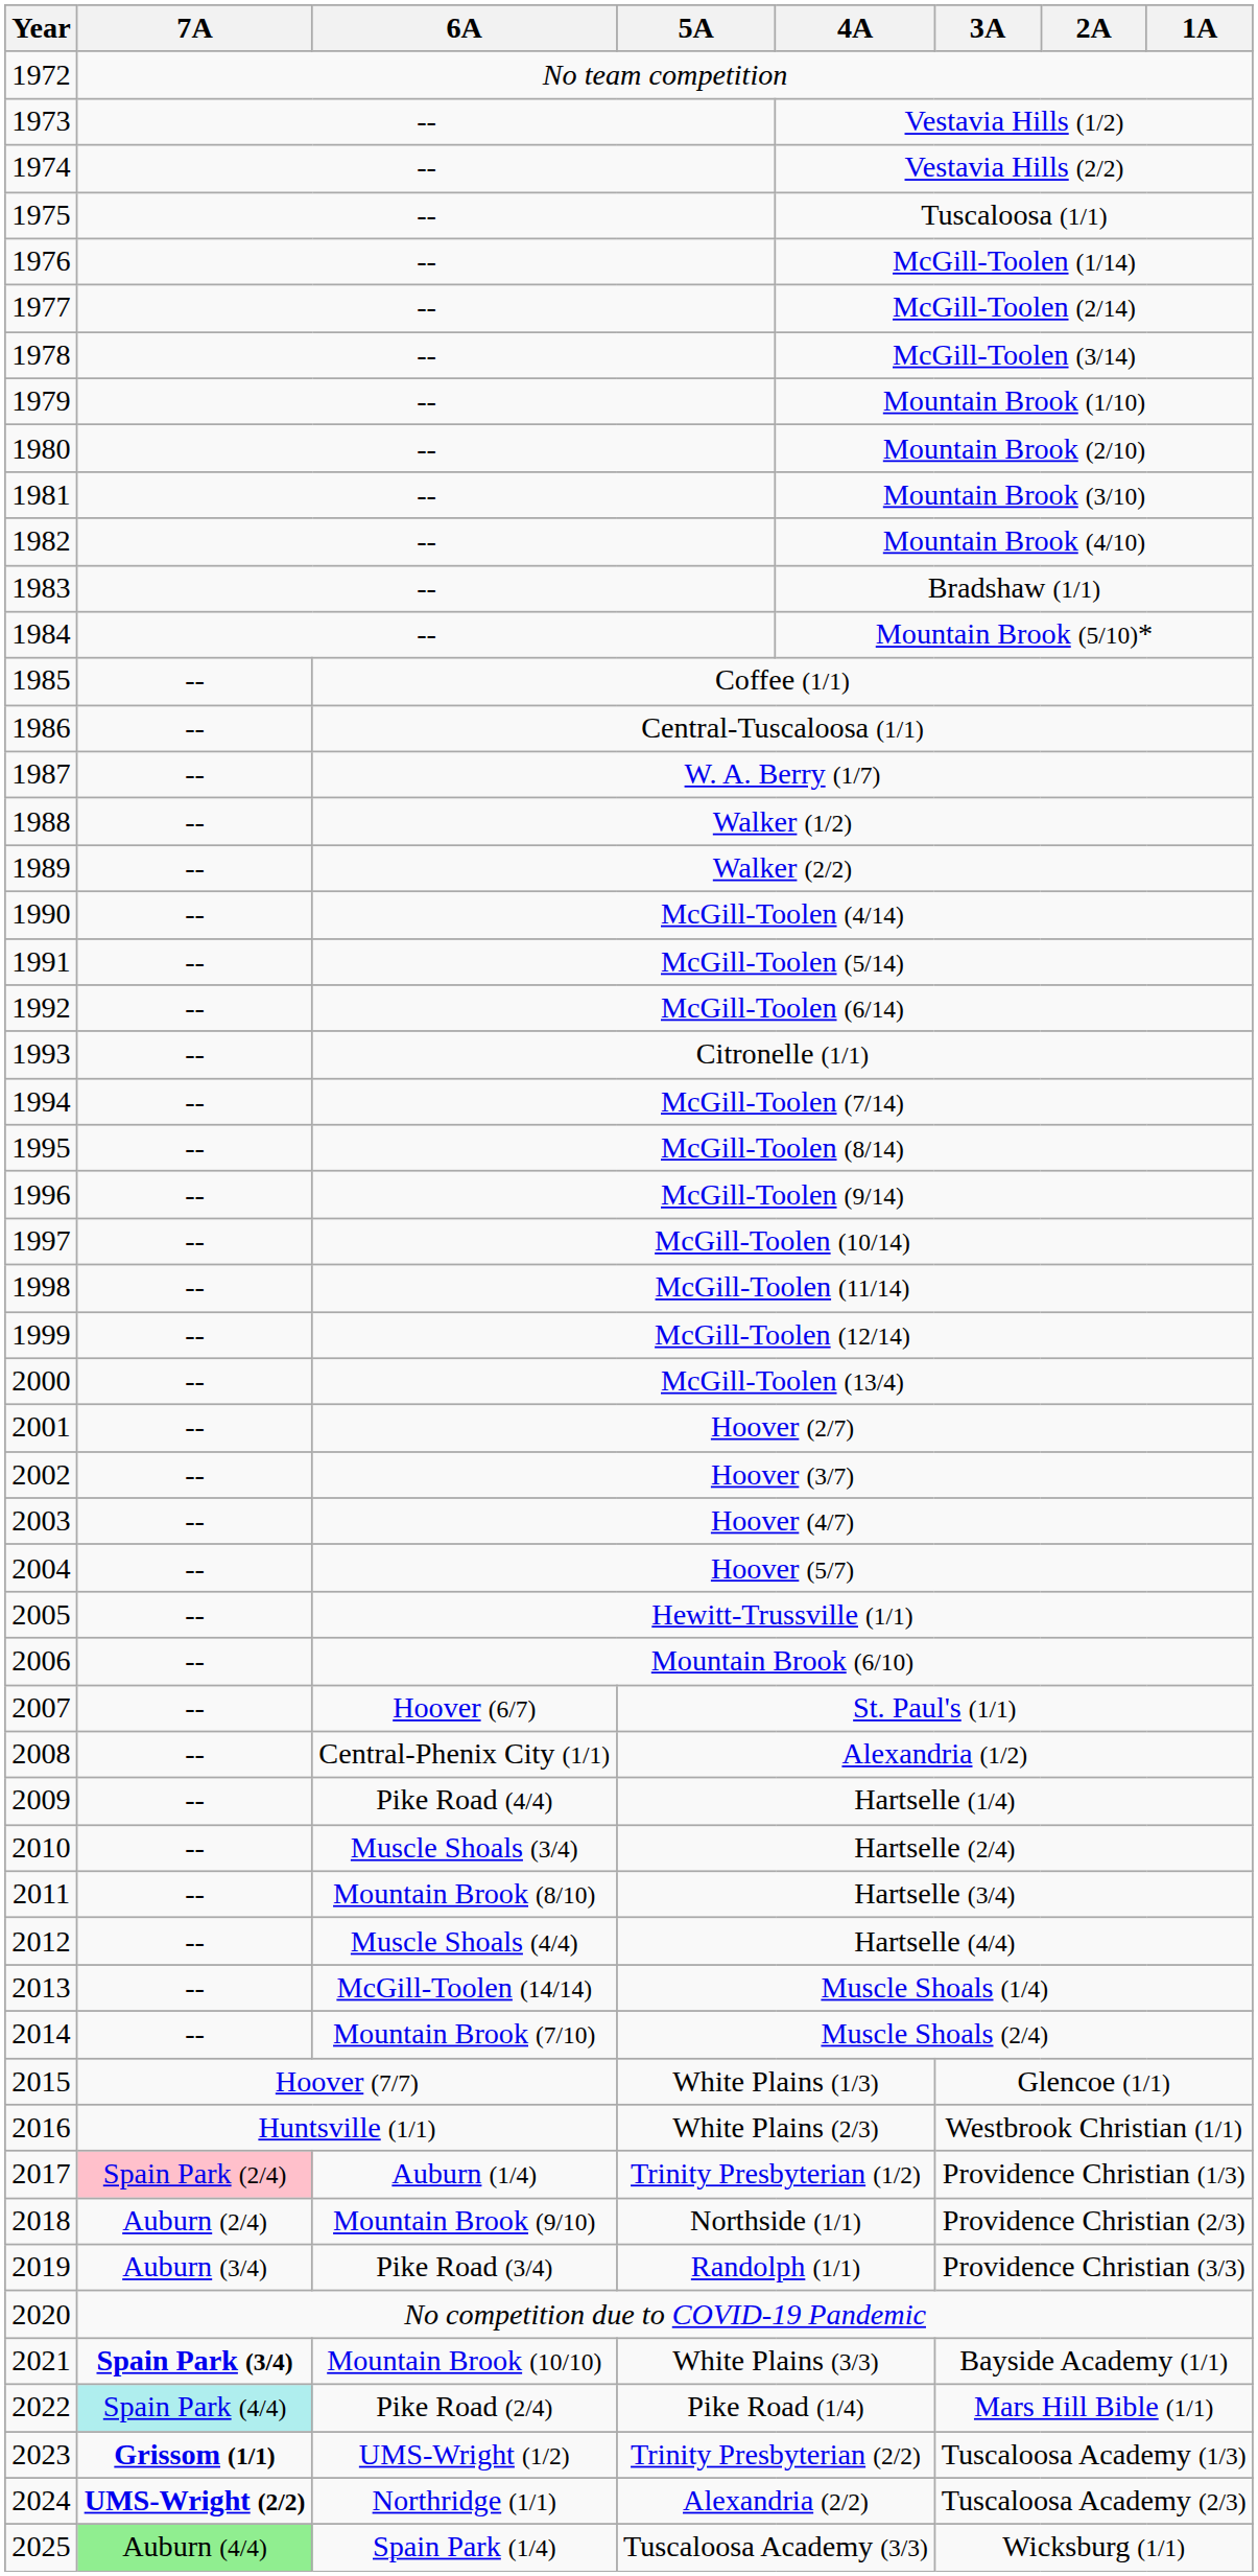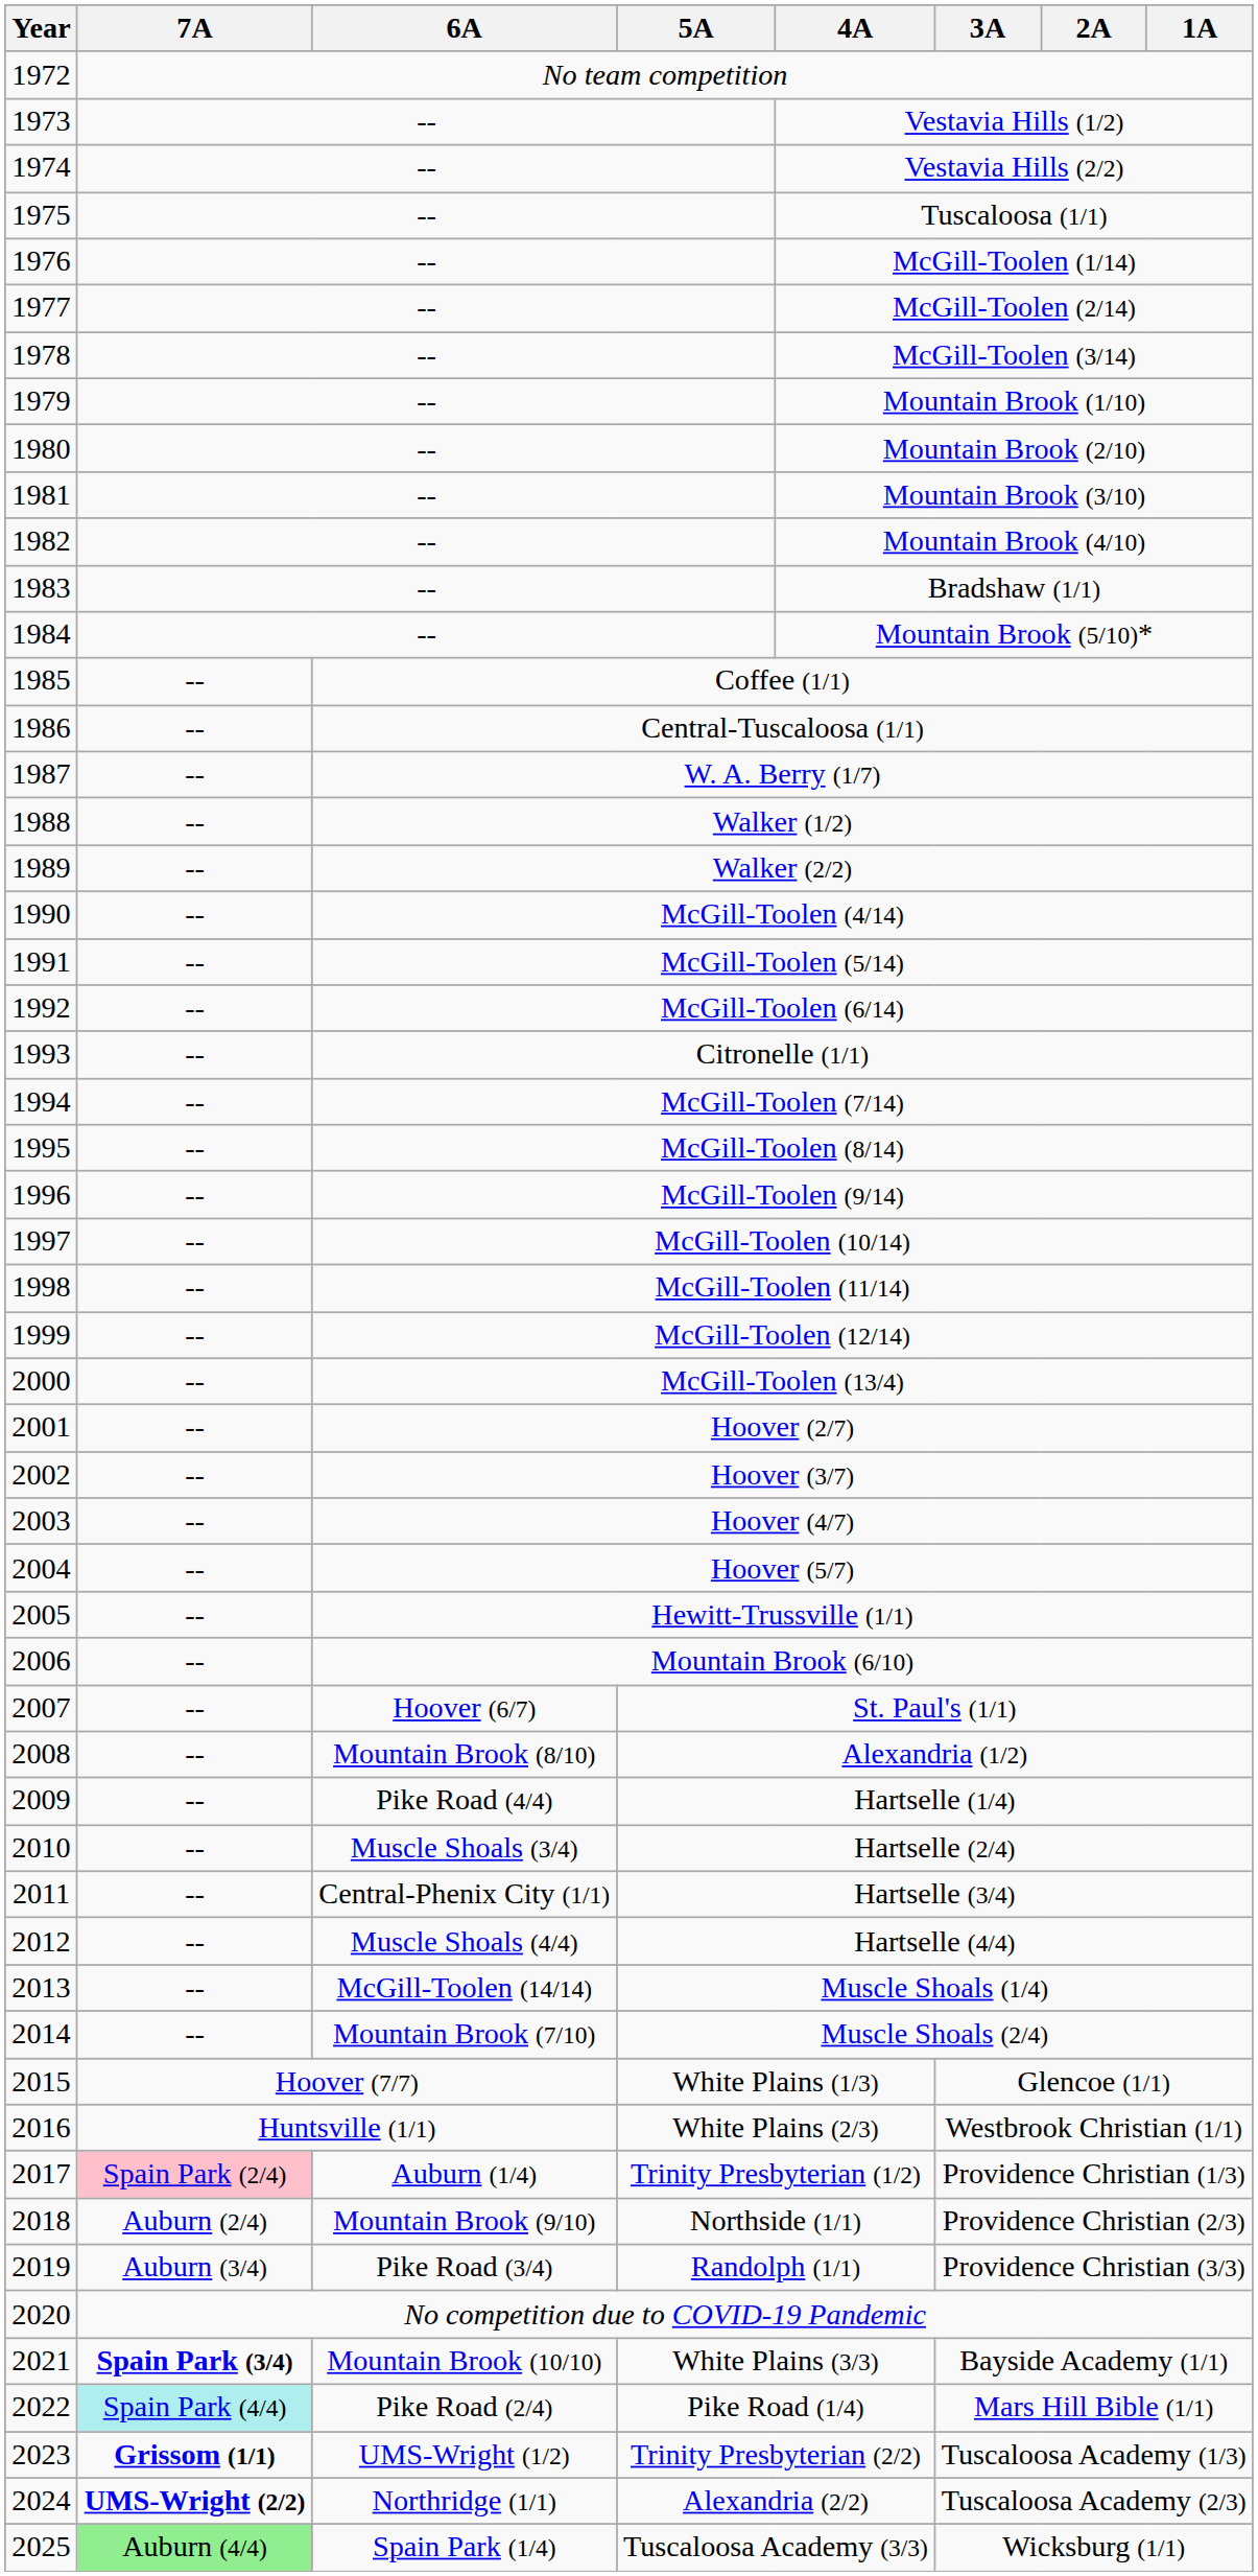 <table class="wikitable" style="text-align:center">
 <tr>
 <th>Year</th>
 <th>7A</th>
 <th>6A</th>
 <th>5A</th>
 <th>4A</th>
 <th>3A</th>
 <th>2A</th>
 <th>1A</th>
 </tr>
 <tr>
 <td>1972</td>
 <td colspan="7"><em>No team competition</em></td>
 </tr>
 <tr>
 <td>1973</td>
 <td colspan="3">--</td>
 <td colspan="4"><a href='#'>Vestavia Hills</a> <small>(1/2)</small></td>
 </tr>
 <tr>
 <td>1974</td>
 <td colspan="3">--</td>
 <td colspan="4"><a href='#'>Vestavia Hills</a> <small>(2/2)</small></td>
 </tr>
 <tr>
 <td>1975</td>
 <td colspan="3">--</td>
 <td colspan="4">Tuscaloosa <small>(1/1)</small></td>
 </tr>
 <tr>
 <td>1976</td>
 <td colspan="3">--</td>
 <td colspan="4"><a href='#'>McGill-Toolen</a> <small>(1/14)</small></td>
 </tr>
 <tr>
 <td>1977</td>
 <td colspan="3">--</td>
 <td colspan="4"><a href='#'>McGill-Toolen</a> <small>(2/14)</small></td>
 </tr>
 <tr>
 <td>1978</td>
 <td colspan="3">--</td>
 <td colspan="4"><a href='#'>McGill-Toolen</a> <small>(3/14)</small></td>
 </tr>
 <tr>
 <td>1979</td>
 <td colspan="3">--</td>
 <td colspan="4"><a href='#'>Mountain Brook</a> <small>(1/10)</small></td>
 </tr>
 <tr>
 <td>1980</td>
 <td colspan="3">--</td>
 <td colspan="4"><a href='#'>Mountain Brook</a> <small>(2/10)</small></td>
 </tr>
 <tr>
 <td>1981</td>
 <td colspan="3">--</td>
 <td colspan="4"><a href='#'>Mountain Brook</a> <small>(3/10)</small></td>
 </tr>
 <tr>
 <td>1982</td>
 <td colspan="3">--</td>
 <td colspan="4"><a href='#'>Mountain Brook</a> <small>(4/10)</small></td>
 </tr>
 <tr>
 <td>1983</td>
 <td colspan="3">--</td>
 <td colspan="4">Bradshaw <small>(1/1)</small></td>
 </tr>
 <tr>
 <td>1984</td>
 <td colspan="3">--</td>
 <td colspan="4"><a href='#'>Mountain Brook</a> <small>(5/10)</small>*</td>
 </tr>
 <tr>
 <td>1985</td>
 <td>--</td>
 <td colspan="6">Coffee <small>(1/1)</small></td>
 </tr>
 <tr>
 <td>1986</td>
 <td>--</td>
 <td colspan="6">Central-Tuscaloosa <small>(1/1)</small></td>
 </tr>
 <tr>
 <td>1987</td>
 <td>--</td>
 <td colspan="6"><a href='#'>W. A. Berry</a> <small>(1/7)</small></td>
 </tr>
 <tr>
 <td>1988</td>
 <td>--</td>
 <td colspan="6"><a href='#'>Walker</a> <small>(1/2)</small></td>
 </tr>
 <tr>
 <td>1989</td>
 <td>--</td>
 <td colspan="6"><a href='#'>Walker</a> <small>(2/2)</small></td>
 </tr>
 <tr>
 <td>1990</td>
 <td>--</td>
 <td colspan="6"><a href='#'>McGill-Toolen</a> <small>(4/14)</small></td>
 </tr>
 <tr>
 <td>1991</td>
 <td>--</td>
 <td colspan="6"><a href='#'>McGill-Toolen</a> <small>(5/14)</small></td>
 </tr>
 <tr>
 <td>1992</td>
 <td>--</td>
 <td colspan="6"><a href='#'>McGill-Toolen</a> <small>(6/14)</small></td>
 </tr>
 <tr>
 <td>1993</td>
 <td>--</td>
 <td colspan="6">Citronelle <small>(1/1)</small></td>
 </tr>
 <tr>
 <td>1994</td>
 <td>--</td>
 <td colspan="6"><a href='#'>McGill-Toolen</a> <small>(7/14)</small></td>
 </tr>
 <tr>
 <td>1995</td>
 <td>--</td>
 <td colspan="6"><a href='#'>McGill-Toolen</a> <small>(8/14)</small></td>
 </tr>
 <tr>
 <td>1996</td>
 <td>--</td>
 <td colspan="6"><a href='#'>McGill-Toolen</a> <small>(9/14)</small></td>
 </tr>
 <tr>
 <td>1997</td>
 <td>--</td>
 <td colspan="6"><a href='#'>McGill-Toolen</a> <small>(10/14)</small></td>
 </tr>
 <tr>
 <td>1998</td>
 <td>--</td>
 <td colspan="6"><a href='#'>McGill-Toolen</a> <small>(11/14)</small></td>
 </tr>
 <tr>
 <td>1999</td>
 <td>--</td>
 <td colspan="6"><a href='#'>McGill-Toolen</a> <small>(12/14)</small></td>
 </tr>
 <tr>
 <td>2000</td>
 <td>--</td>
 <td colspan="6"><a href='#'>McGill-Toolen</a> <small>(13/4)</small></td>
 </tr>
 <tr>
 <td>2001</td>
 <td>--</td>
 <td colspan="6"><a href='#'>Hoover</a> <small>(2/7)</small></td>
 </tr>
 <tr>
 <td>2002</td>
 <td>--</td>
 <td colspan="6"><a href='#'>Hoover</a> <small>(3/7)</small></td>
 </tr>
 <tr>
 <td>2003</td>
 <td>--</td>
 <td colspan="6"><a href='#'>Hoover</a> <small>(4/7)</small></td>
 </tr>
 <tr>
 <td>2004</td>
 <td>--</td>
 <td colspan="6"><a href='#'>Hoover</a> <small>(5/7)</small></td>
 </tr>
 <tr>
 <td>2005</td>
 <td>--</td>
 <td colspan="6"><a href='#'>Hewitt-Trussville</a> <small>(1/1)</small></td>
 </tr>
 <tr>
 <td>2006</td>
 <td>--</td>
 <td colspan="6"><a href='#'>Mountain Brook</a> <small>(6/10)</small></td>
 </tr>
 <tr>
 <td>2007</td>
 <td>--</td>
 <td><a href='#'>Hoover</a> <small>(6/7)</small></td>
 <td colspan="5"><a href='#'>St. Paul's</a> <small>(1/1)</small></td>
 </tr>
 <tr>
 <td>2008</td>
 <td>--</td>
-<td>Central-Phenix City <small>(1/1)</small></td>
+<td><a href='#'>Mountain Brook</a> <small>(8/10)</small></td>
 <td colspan="5"><a href='#'>Alexandria</a> <small>(1/2)</small></td>
 </tr>
 <tr>
 <td>2009</td>
 <td>--</td>
 <td>Pike Road <small>(4/4)</small></td>
 <td colspan="5">Hartselle <small>(1/4)</small></td>
 </tr>
 <tr>
 <td>2010</td>
 <td>--</td>
 <td><a href='#'>Muscle Shoals</a> <small>(3/4)</small></td>
 <td colspan="5">Hartselle <small>(2/4)</small></td>
 </tr>
 <tr>
 <td>2011</td>
 <td>--</td>
-<td><a href='#'>Mountain Brook</a> <small>(8/10)</small></td>
+<td>Central-Phenix City <small>(1/1)</small></td>
 <td colspan="5">Hartselle <small>(3/4)</small></td>
 </tr>
 <tr>
 <td>2012</td>
 <td>--</td>
 <td><a href='#'>Muscle Shoals</a> <small>(4/4)</small></td>
 <td colspan="5">Hartselle <small>(4/4)</small></td>
 </tr>
 <tr>
 <td>2013</td>
 <td>--</td>
 <td><a href='#'>McGill-Toolen</a> <small>(14/14)</small></td>
 <td colspan="5"><a href='#'>Muscle Shoals</a> <small>(1/4)</small></td>
 </tr>
 <tr>
 <td>2014</td>
 <td>--</td>
 <td><a href='#'>Mountain Brook</a> <small>(7/10)</small></td>
 <td colspan="5"><a href='#'>Muscle Shoals</a> <small>(2/4)</small></td>
 </tr>
 <tr>
 <td>2015</td>
 <td colspan="2"><a href='#'>Hoover</a> <small>(7/7)</small></td>
 <td colspan="2">White Plains <small>(1/3)</small></td>
 <td colspan="3">Glencoe <small>(1/1)</small></td>
 </tr>
 <tr>
 <td>2016</td>
 <td colspan="2"><a href='#'>Huntsville</a> <small>(1/1)</small></td>
 <td colspan="2">White Plains <small>(2/3)</small></td>
 <td colspan="3">Westbrook Christian <small>(1/1)</small></td>
 </tr>
 <tr>
 <td>2017</td>
 <td style="background: pink;"><a href='#'>Spain Park</a> <small>(2/4)</small></td>
 <td><a href='#'>Auburn</a> <small>(1/4)</small></td>
 <td colspan="2"><a href='#'>Trinity Presbyterian</a> <small>(1/2)</small></td>
 <td colspan="3">Providence Christian <small>(1/3)</small></td>
 </tr>
 <tr>
 <td>2018</td>
 <td><a href='#'>Auburn</a> <small>(2/4)</small></td>
 <td><a href='#'>Mountain Brook</a> <small>(9/10)</small></td>
 <td colspan="2">Northside <small>(1/1)</small></td>
 <td colspan="3">Providence Christian <small>(2/3)</small></td>
 </tr>
 <tr>
 <td>2019</td>
 <td><a href='#'>Auburn</a> <small>(3/4)</small></td>
 <td>Pike Road <small>(3/4)</small></td>
 <td colspan="2"><a href='#'>Randolph</a> <small>(1/1)</small></td>
 <td colspan="3">Providence Christian <small>(3/3)</small></td>
 </tr>
 <tr>
 <td>2020</td>
 <td colspan="7"><em>No competition due to <a href='#'>COVID-19 Pandemic</a></em></td>
 </tr>
 <tr>
 <td>2021</td>
 <td><strong><a href='#'>Spain Park</a> <small>(3/4)</small></strong></td>
 <td><a href='#'>Mountain Brook</a> <small>(10/10)</small></td>
 <td colspan="2">White Plains <small>(3/3)</small></td>
 <td colspan="3">Bayside Academy <small>(1/1)</small></td>
 </tr>
 <tr>
 <td>2022</td>
 <td style="background: paleturquoise;"><a href='#'>Spain Park</a> <small>(4/4)</small></td>
 <td>Pike Road <small>(2/4)</small></td>
 <td colspan="2">Pike Road <small>(1/4)</small></td>
 <td colspan="3"><a href='#'>Mars Hill Bible</a> <small>(1/1)</small></td>
 </tr>
 <tr>
 <td>2023</td>
 <td><strong><a href='#'>Grissom</a> <small>(1/1)</small></strong></td>
 <td><a href='#'>UMS-Wright</a> <small>(1/2)</small></td>
 <td colspan="2"><a href='#'>Trinity Presbyterian</a> <small>(2/2)</small></td>
 <td colspan="3">Tuscaloosa Academy <small>(1/3)</small></td>
 </tr>
 <tr>
 <td>2024</td>
 <td><strong><a href='#'>UMS-Wright</a> <small>(2/2)</small></strong></td>
 <td><a href='#'>Northridge</a> <small>(1/1)</small></td>
 <td colspan="2"><a href='#'>Alexandria</a> <small>(2/2)</small></td>
 <td colspan="3">Tuscaloosa Academy <small>(2/3)</small></td>
 </tr>
 <tr>
 <td>2025</td>
 <td style="background: lightgreen;">Auburn <small>(4/4)</small></td>
 <td><a href='#'>Spain Park</a>  <small>(1/4)</small></td>
 <td colspan="2">Tuscaloosa Academy <small>(3/3)</small></td>
 <td colspan="3">Wicksburg <small>(1/1)</small></td>
 </tr>
 </table>
